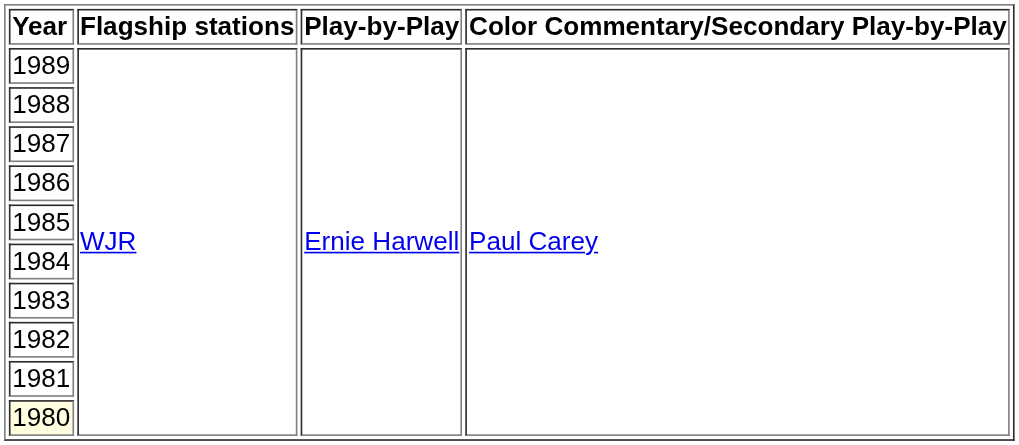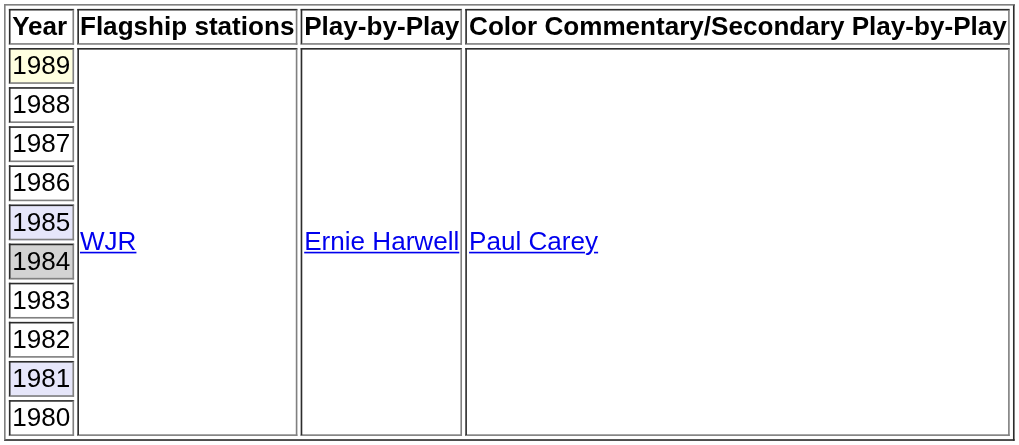 <table border="1" cellpadding="1">
 <tr>
 <td><strong>Year</strong></td>
 <td><strong>Flagship stations</strong></td>
 <td><strong>Play-by-Play</strong></td>
 <td><strong>Color Commentary/Secondary Play-by-Play</strong></td>
 </tr>
 <tr>
-<td>1989</td>
+<td style="background: lightyellow;">1989</td>
 <td rowspan=10><a href='#'>WJR</a></td>
 <td rowspan=10><a href='#'>Ernie Harwell</a></td>
 <td rowspan=10><a href='#'>Paul Carey</a></td>
 </tr>
 <tr>
 <td>1988</td>
 </tr>
 <tr>
 <td>1987</td>
 </tr>
 <tr>
 <td>1986</td>
 </tr>
 <tr>
-<td>1985</td>
+<td style="background: lavender;">1985</td>
 </tr>
 <tr>
-<td>1984</td>
+<td style="background: lightgrey;">1984</td>
 </tr>
 <tr>
 <td>1983</td>
 </tr>
 <tr>
 <td>1982</td>
 </tr>
 <tr>
-<td>1981</td>
+<td style="background: lavender;">1981</td>
 </tr>
 <tr>
-<td style="background: lightyellow;">1980</td>
+<td>1980</td>
 </tr>
 </table>
